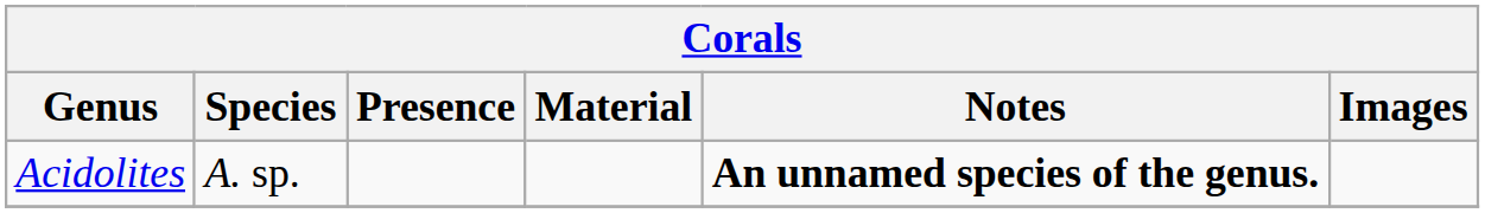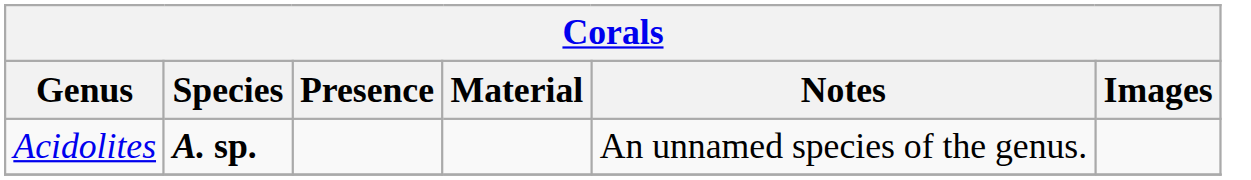 <table class="wikitable" align="center">
 <tr>
 <th colspan="6" align="center"><strong><a href='#'>Corals</a></strong></th>
 </tr>
 <tr>
 <th>Genus</th>
 <th>Species</th>
 <th>Presence</th>
 <th><strong>Material</strong></th>
 <th>Notes</th>
 <th>Images</th>
 </tr>
 <tr>
 <td><em><a href='#'>Acidolites</a></em></td>
-<td><em>A.</em> sp.</td>
+<td><strong><em>A.</em> sp.</strong></td>
 <td></td>
 <td></td>
-<td><strong>An unnamed species of the genus.</strong></td>
+<td>An unnamed species of the genus.</td>
 <td></td>
 </tr>
 <tr>
 </tr>
 </table>
